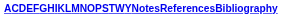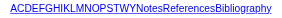 <table id="toc" class="toc" summary="Class" align="center" style="text-align:center;">
 <tr>
 <th></th>
 </tr>
 <tr>
-<td><strong><a href='#'>A</a><a href='#'>C</a><a href='#'>D</a><a href='#'>E</a><a href='#'>F</a><a href='#'>G</a><a href='#'>H</a><a href='#'>I</a><a href='#'>K</a><a href='#'>L</a><a href='#'>M</a><a href='#'>N</a><a href='#'>O</a><a href='#'>P</a><a href='#'>S</a><a href='#'>T</a><a href='#'>W</a><a href='#'>Y</a><a href='#'>Notes</a><a href='#'>References</a><a href='#'>Bibliography</a></strong></td>
+<td><a href='#'>A</a><a href='#'>C</a><a href='#'>D</a><a href='#'>E</a><a href='#'>F</a><a href='#'>G</a><a href='#'>H</a><a href='#'>I</a><a href='#'>K</a><a href='#'>L</a><a href='#'>M</a><a href='#'>N</a><a href='#'>O</a><a href='#'>P</a><a href='#'>S</a><a href='#'>T</a><a href='#'>W</a><a href='#'>Y</a><a href='#'>Notes</a><a href='#'>References</a><a href='#'>Bibliography</a></td>
 </tr>
 </table>
